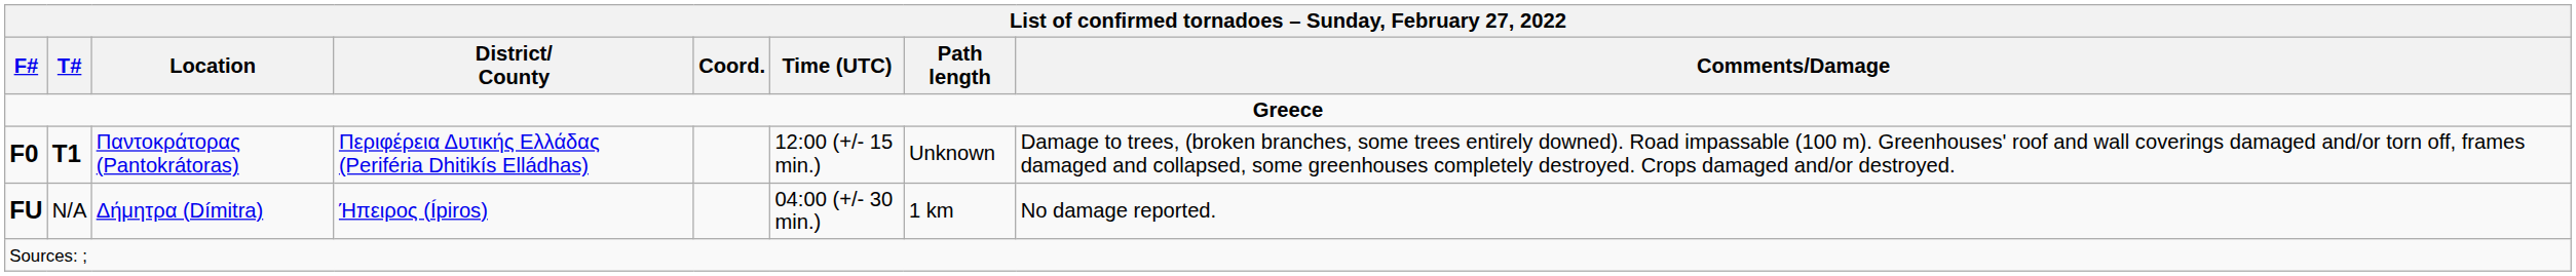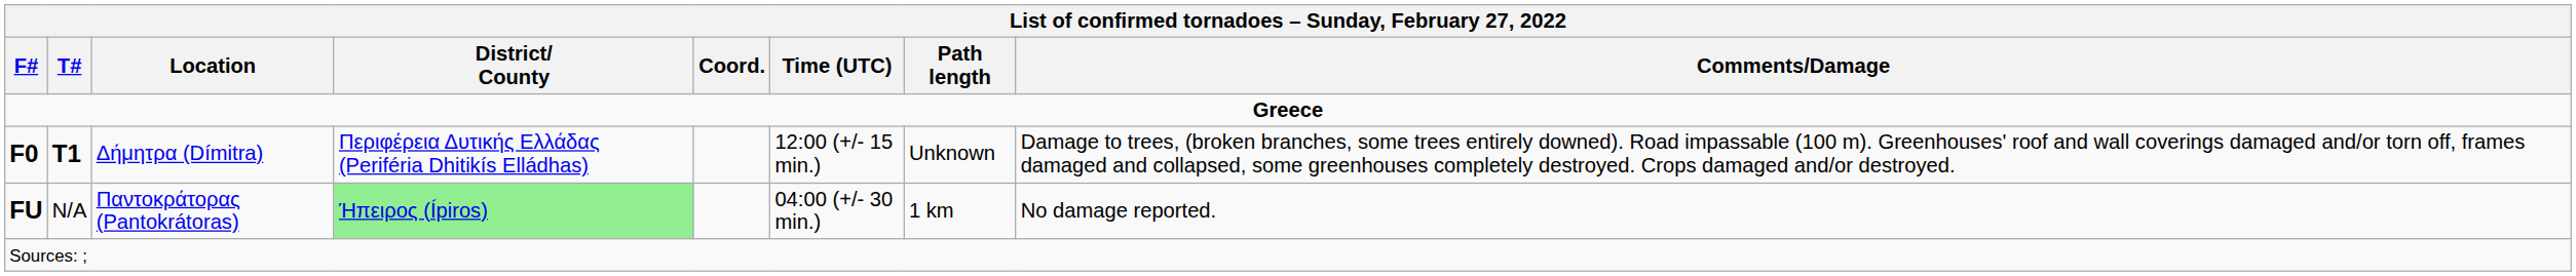 <table class="wikitable collapsible" width="100%">
 <tr>
 <th colspan="8">List of confirmed tornadoes – Sunday, February 27, 2022</th>
 </tr>
 <tr>
 <th><a href='#'>F#</a></th>
 <th><a href='#'>T#</a></th>
 <th>Location</th>
 <th>District/<br>County</th>
 <th>Coord.</th>
 <th>Time (UTC)</th>
 <th>Path length</th>
 <th>Comments/Damage</th>
 </tr>
 <tr>
 <td colspan="8" align=center><strong>Greece</strong></td>
 </tr>
 <tr>
 <td><big><strong>F0</strong></big></td>
 <td><big><strong>T1</strong></big></td>
-<td><a href='#'>Παντοκράτορας (Pantokrátoras)</a></td>
+<td><a href='#'>Δήμητρα (Dímitra)</a></td>
 <td><a href='#'>Περιφέρεια Δυτικής Ελλάδας (Periféria Dhitikís Elládhas)</a></td>
 <td></td>
 <td>12:00 (+/- 15 min.)</td>
 <td>Unknown</td>
 <td>Damage to trees, (broken branches, some trees entirely downed). Road impassable (100 m). Greenhouses' roof and wall coverings damaged and/or torn off, frames damaged and collapsed, some greenhouses completely destroyed. Crops damaged and/or destroyed.</td>
 </tr>
 <tr>
 <td><big><strong>FU</strong></big></td>
 <td>N/A</td>
-<td><a href='#'>Δήμητρα (Dímitra)</a></td>
-<td><a href='#'>Ήπειρος (Ípiros)</a></td>
+<td><a href='#'>Παντοκράτορας (Pantokrátoras)</a></td>
+<td style="background: lightgreen;"><a href='#'>Ήπειρος (Ípiros)</a></td>
 <td></td>
 <td>04:00 (+/- 30 min.)</td>
 <td>1 km</td>
 <td>No damage reported.</td>
 </tr>
 <tr>
 <td colspan="8"><small>Sources: ;  </small></td>
 </tr>
 </table>
